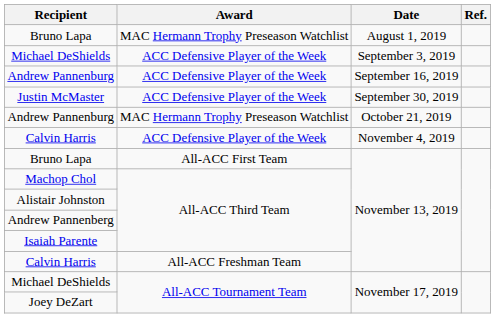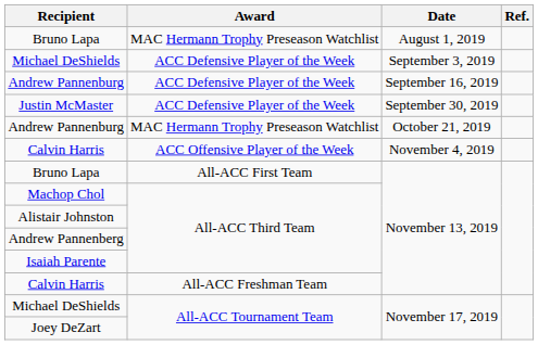 <table class="wikitable sortable" style="text-align: center">
 <tr>
 <th>Recipient</th>
 <th>Award</th>
 <th>Date</th>
 <th>Ref.</th>
 </tr>
 <tr>
 <td>Bruno Lapa</td>
 <td>MAC <a href='#'>Hermann Trophy</a> Preseason Watchlist</td>
 <td>August 1, 2019</td>
 <td></td>
 </tr>
 <tr>
 <td><a href='#'>Michael DeShields</a></td>
 <td><a href='#'>ACC Defensive Player of the Week</a></td>
 <td>September 3, 2019</td>
 <td></td>
 </tr>
 <tr>
 <td><a href='#'>Andrew Pannenburg</a></td>
 <td><a href='#'>ACC Defensive Player of the Week</a></td>
 <td>September 16, 2019</td>
 <td></td>
 </tr>
 <tr>
 <td><a href='#'>Justin McMaster</a></td>
 <td><a href='#'>ACC Defensive Player of the Week</a></td>
 <td>September 30, 2019</td>
 <td></td>
 </tr>
 <tr>
 <td>Andrew Pannenburg</td>
 <td>MAC <a href='#'>Hermann Trophy</a> Preseason Watchlist</td>
 <td>October 21, 2019</td>
 <td></td>
 </tr>
 <tr>
 <td><a href='#'>Calvin Harris</a></td>
-<td><a href='#'>ACC Defensive Player of the Week</a></td>
+<td><a href='#'>ACC Offensive Player of the Week</a></td>
 <td>November 4, 2019</td>
 <td></td>
 </tr>
 <tr>
 <td>Bruno Lapa</td>
 <td>All-ACC First Team</td>
 <td rowspan=6>November 13, 2019</td>
 <td rowspan=6></td>
 </tr>
 <tr>
 <td><a href='#'>Machop Chol</a></td>
 <td rowspan=4>All-ACC Third Team</td>
 </tr>
 <tr>
 <td>Alistair Johnston</td>
 </tr>
 <tr>
 <td>Andrew Pannenberg</td>
 </tr>
 <tr>
 <td><a href='#'>Isaiah Parente</a></td>
 </tr>
 <tr>
 <td><a href='#'>Calvin Harris</a></td>
 <td>All-ACC Freshman Team</td>
 </tr>
 <tr>
 <td>Michael DeShields</td>
 <td rowspan=2><a href='#'>All-ACC Tournament Team</a></td>
 <td rowspan=2>November 17, 2019</td>
 <td rowspan=2></td>
 </tr>
 <tr>
 <td>Joey DeZart</td>
 </tr>
 </table>
